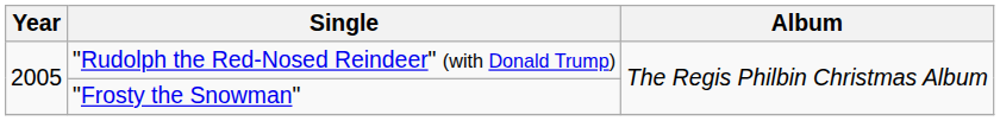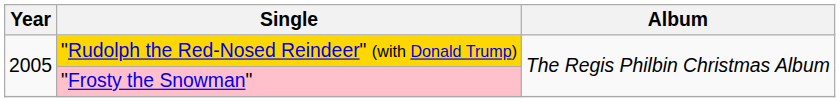 <table class="wikitable">
 <tr>
 <th>Year</th>
 <th>Single</th>
 <th>Album</th>
 </tr>
 <tr>
 <td rowspan="2">2005</td>
-<td>"<a href='#'>Rudolph the Red-Nosed Reindeer</a>" <small>(with <a href='#'>Donald Trump</a>)</small></td>
+<td style="background: gold;">"<a href='#'>Rudolph the Red-Nosed Reindeer</a>" <small>(with <a href='#'>Donald Trump</a>)</small></td>
 <td rowspan="2"><em>The Regis Philbin Christmas Album</em></td>
 </tr>
 <tr>
-<td>"<a href='#'>Frosty the Snowman</a>"</td>
+<td style="background: pink;">"<a href='#'>Frosty the Snowman</a>"</td>
 </tr>
 <tr>
 </tr>
 </table>
